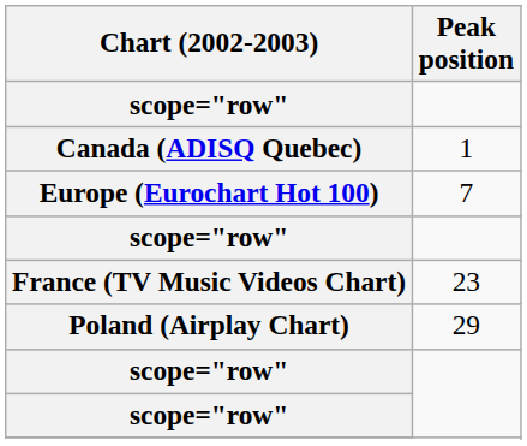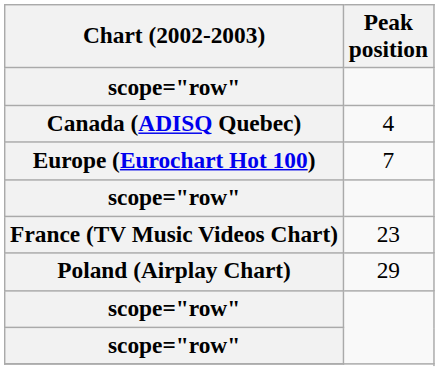 <table class="wikitable sortable plainrowheaders">
 <tr>
 <th>Chart (2002-2003)</th>
 <th>Peak<br>position</th>
 </tr>
 <tr>
 <th>scope="row"</th>
 </tr>
 <tr>
 <th scope="row">Canada (<a href='#'>ADISQ</a> Quebec)</th>
-<td align="center">1</td>
+<td align="center">4</td>
 </tr>
 <tr>
 <th scope="row">Europe (<a href='#'>Eurochart Hot 100</a>)</th>
 <td align="center">7</td>
 </tr>
 <tr>
 <th>scope="row"</th>
 </tr>
 <tr>
 <th scope="row">France (TV Music Videos Chart)</th>
 <td align="center">23</td>
 </tr>
 <tr>
 <th scope="row">Poland (Airplay Chart)</th>
 <td align="center">29</td>
 </tr>
 <tr>
 <th>scope="row"</th>
 </tr>
 <tr>
 <th>scope="row"</th>
 </tr>
 <tr>
 </tr>
 </table>
